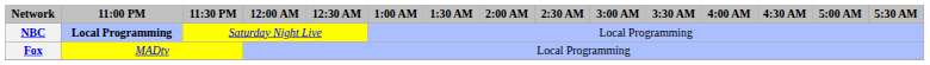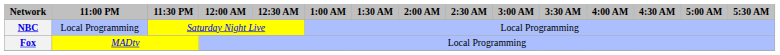 <table class="wikitable" style="width:100%;margin-right:0;text-align:center">
 <tr>
 <th style="background-color:#C0C0C0;text-align:center" colspan="2">Network</th>
 <th style="background-color:#C0C0C0;text-align:center">11:00 PM</th>
 <th style="background-color:#C0C0C0;text-align:center">11:30 PM</th>
 <th style="background-color:#C0C0C0;text-align:center">12:00 AM</th>
 <th style="background-color:#C0C0C0;text-align:center">12:30 AM</th>
 <th style="background-color:#C0C0C0;text-align:center">1:00 AM</th>
 <th style="background-color:#C0C0C0;text-align:center">1:30 AM</th>
 <th style="background-color:#C0C0C0;text-align:center">2:00 AM</th>
 <th style="background-color:#C0C0C0;text-align:center">2:30 AM</th>
 <th style="background-color:#C0C0C0;text-align:center">3:00 AM</th>
 <th style="background-color:#C0C0C0;text-align:center">3:30 AM</th>
 <th style="background-color:#C0C0C0;text-align:center">4:00 AM</th>
 <th style="background-color:#C0C0C0;text-align:center">4:30 AM</th>
 <th style="background-color:#C0C0C0;text-align:center">5:00 AM</th>
 <th style="background-color:#C0C0C0;text-align:center">5:30 AM</th>
 </tr>
 <tr>
 <th colspan="2"><a href='#'>NBC</a></th>
-<td style="background:#abbfff"><strong>Local Programming</strong></td>
+<td style="background:#abbfff">Local Programming</td>
 <td colspan="3" style="background:yellow"><em><a href='#'>Saturday Night Live</a></em></td>
 <td colspan="10" style="background:#abbfff">Local Programming</td>
 </tr>
 <tr>
 <th colspan="2"><a href='#'>Fox</a></th>
 <td colspan="2" style="background:yellow"><em><a href='#'>MADtv</a></em></td>
 <td colspan="12" style="background:#abbfff">Local Programming</td>
 </tr>
 <tr>
 </tr>
 </table>
